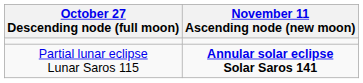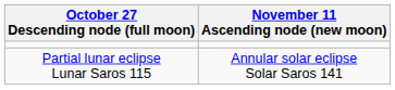 <table class="wikitable">
 <tr>
 <th><a href='#'>October 27</a><br>Descending node (full moon)</th>
 <th><a href='#'>November 11</a><br>Ascending node (new moon)</th>
 </tr>
 <tr>
 <td></td>
 <td></td>
 </tr>
 <tr align=center>
 <td><a href='#'>Partial lunar eclipse</a><br>Lunar Saros 115</td>
-<td><strong><a href='#'>Annular solar eclipse</a><br>Solar Saros 141</strong></td>
+<td><a href='#'>Annular solar eclipse</a><br>Solar Saros 141</td>
 </tr>
 </table>
